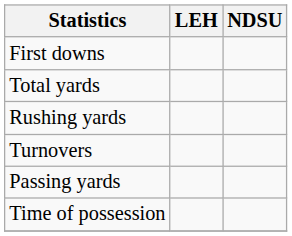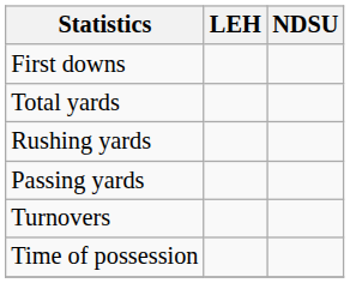 <table class="wikitable" style="float: left;">
 <tr>
 <th>Statistics</th>
 <th>LEH</th>
 <th>NDSU</th>
 </tr>
 <tr>
 <td>First downs</td>
 <td></td>
 <td></td>
 </tr>
 <tr>
 <td>Total yards</td>
 <td></td>
 <td></td>
 </tr>
 <tr>
 <td>Rushing yards</td>
 <td></td>
 <td></td>
 </tr>
 <tr>
-<td>Turnovers</td>
+<td>Passing yards</td>
 <td></td>
 <td></td>
 </tr>
 <tr>
-<td>Passing yards</td>
+<td>Turnovers</td>
 <td></td>
 <td></td>
 </tr>
 <tr>
 <td>Time of possession</td>
 <td></td>
 <td></td>
 </tr>
 <tr>
 </tr>
 </table>
